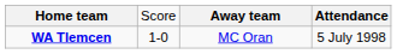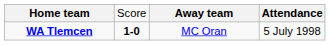 <table class="wikitable" style="text-align:center">
 <tr>
 <th width="150">Home team</th>
 <td>Score</td>
 <th width="150">Away team</th>
 <th>Attendance</th>
 </tr>
 <tr>
 <td><strong><a href='#'>WA Tlemcen</a></strong></td>
-<td>1-0</td>
+<td><strong>1-0</strong></td>
 <td><a href='#'>MC Oran</a></td>
 <td>5 July 1998</td>
 </tr>
 </table>
